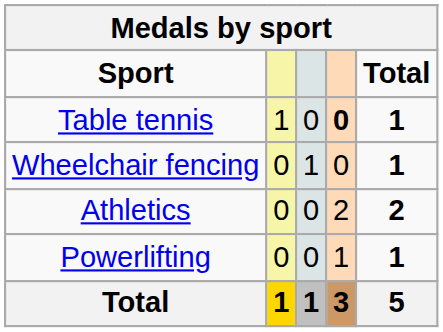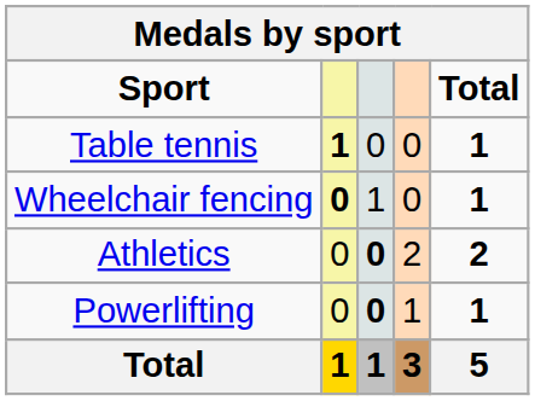 <table class="wikitable" style=font-size:85%>
 <tr style="background:#efefef;">
 <th colspan=5><strong>Medals by sport</strong></th>
 </tr>
 <tr align=center>
 <td><strong>Sport</strong></td>
 <td bgcolor=#f7f6a8></td>
 <td bgcolor=#dce5e5></td>
 <td bgcolor=#ffdab9></td>
 <td><strong>Total</strong></td>
 </tr>
 <tr align=center>
 <td><a href='#'>Table tennis</a></td>
-<td style="background:#F7F6A8;">1</td>
+<td style="background:#F7F6A8;"><strong>1</strong></td>
 <td style="background:#DCE5E5;">0</td>
-<td style="background:#FFDAB9;"><strong>0</strong></td>
+<td style="background:#FFDAB9;">0</td>
 <td><strong>1</strong></td>
 </tr>
 <tr align=center>
 <td><a href='#'>Wheelchair fencing</a></td>
-<td style="background:#F7F6A8;">0</td>
+<td style="background:#F7F6A8;"><strong>0</strong></td>
 <td style="background:#DCE5E5;">1</td>
 <td style="background:#FFDAB9;">0</td>
 <td><strong>1</strong></td>
 </tr>
 <tr align=center>
 <td><a href='#'>Athletics</a></td>
 <td style="background:#F7F6A8;">0</td>
-<td style="background:#DCE5E5;">0</td>
+<td style="background:#DCE5E5;"><strong>0</strong></td>
 <td style="background:#FFDAB9;">2</td>
 <td><strong>2</strong></td>
 </tr>
 <tr align=center>
 <td><a href='#'>Powerlifting</a></td>
 <td style="background:#F7F6A8;">0</td>
-<td style="background:#DCE5E5;">0</td>
+<td style="background:#DCE5E5;"><strong>0</strong></td>
 <td style="background:#FFDAB9;">1</td>
 <td><strong>1</strong></td>
 </tr>
 <tr align=center>
 <th><strong>Total</strong></th>
 <th style="background:gold;"><strong>1</strong></th>
 <th style="background:silver;"><strong>1</strong></th>
 <th style="background:#c96;"><strong>3</strong></th>
 <th><strong>5</strong></th>
 </tr>
 </table>
